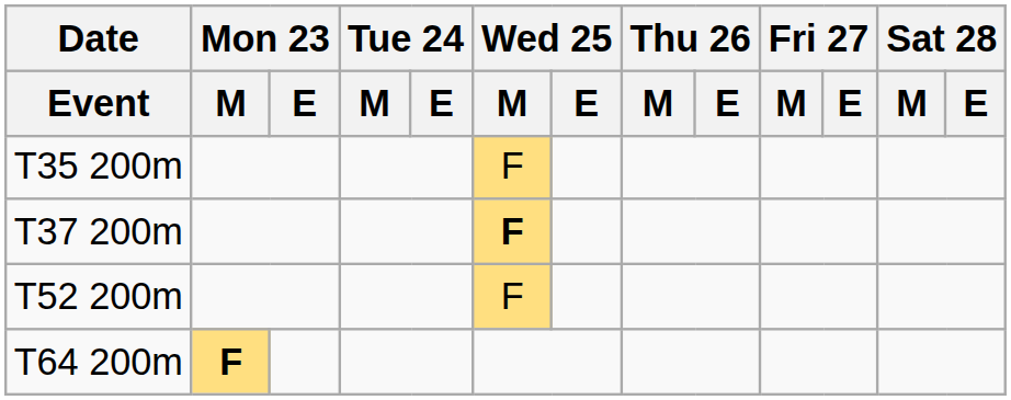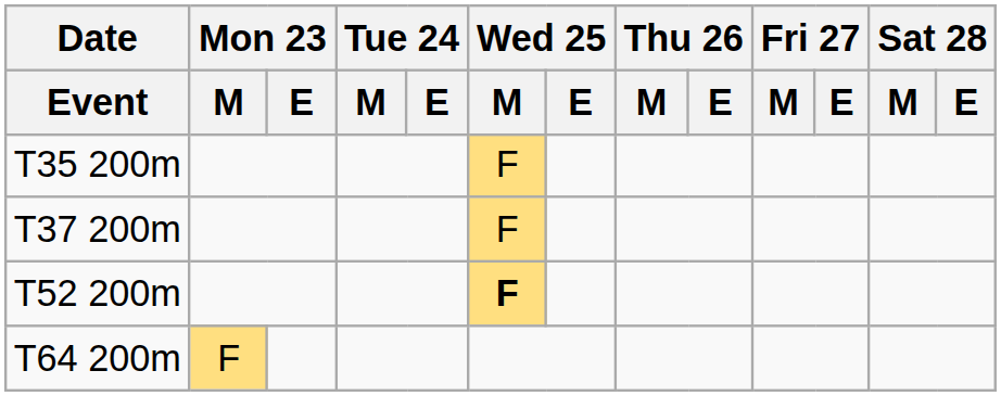 <table class="wikitable" style="margin:0.5em auto; font-size:90%; line-height:1.25em;">
 <tr>
 <th>Date</th>
 <th colspan="2">Mon 23</th>
 <th colspan="2">Tue 24</th>
 <th colspan="2">Wed 25</th>
 <th colspan="2">Thu 26</th>
 <th colspan="2">Fri 27</th>
 <th colspan="2">Sat 28</th>
 </tr>
 <tr>
 <th>Event</th>
 <th>M</th>
 <th>E</th>
 <th>M</th>
 <th>E</th>
 <th>M</th>
 <th>E</th>
 <th>M</th>
 <th>E</th>
 <th>M</th>
 <th>E</th>
 <th>M</th>
 <th>E</th>
 </tr>
 <tr align="center">
 <td align="left">T35 200m</td>
 <td colspan="2"></td>
 <td colspan="2"></td>
 <td bgcolor="#FFDF80">F</td>
 <td></td>
 <td colspan="2"></td>
 <td colspan="2"></td>
 <td colspan="2"></td>
 </tr>
 <tr align="center">
 <td align="left">T37 200m</td>
 <td colspan="2"></td>
 <td colspan="2"></td>
-<td bgcolor="#FFDF80"><strong>F</strong></td>
+<td bgcolor="#FFDF80">F</td>
 <td></td>
 <td colspan="2"></td>
 <td colspan="2"></td>
 <td colspan="2"></td>
 </tr>
 <tr align="center">
 <td align="left">T52 200m</td>
 <td colspan="2"></td>
 <td colspan="2"></td>
-<td bgcolor="#FFDF80">F</td>
+<td bgcolor="#FFDF80"><strong>F</strong></td>
 <td></td>
 <td colspan="2"></td>
 <td colspan="2"></td>
 <td colspan="2"></td>
 </tr>
 <tr align="center">
 <td align="left">T64 200m</td>
-<td bgcolor="#FFDF80"><strong>F</strong></td>
+<td bgcolor="#FFDF80">F</td>
 <td></td>
 <td colspan="2"></td>
 <td colspan="2"></td>
 <td colspan="2"></td>
 <td colspan="2"></td>
 <td colspan="2"></td>
 </tr>
 </table>
